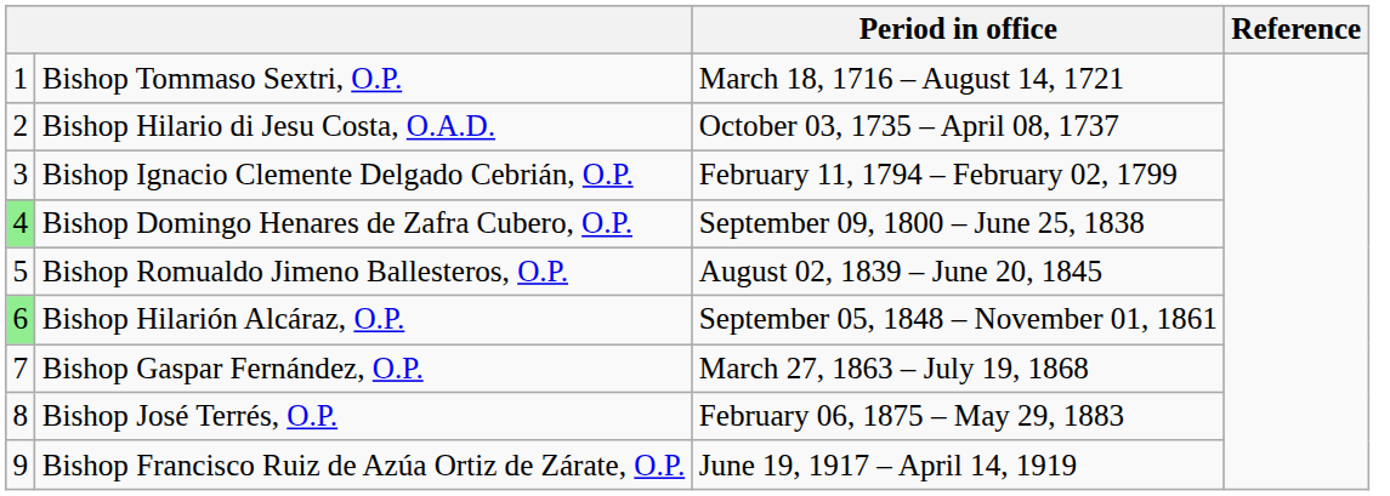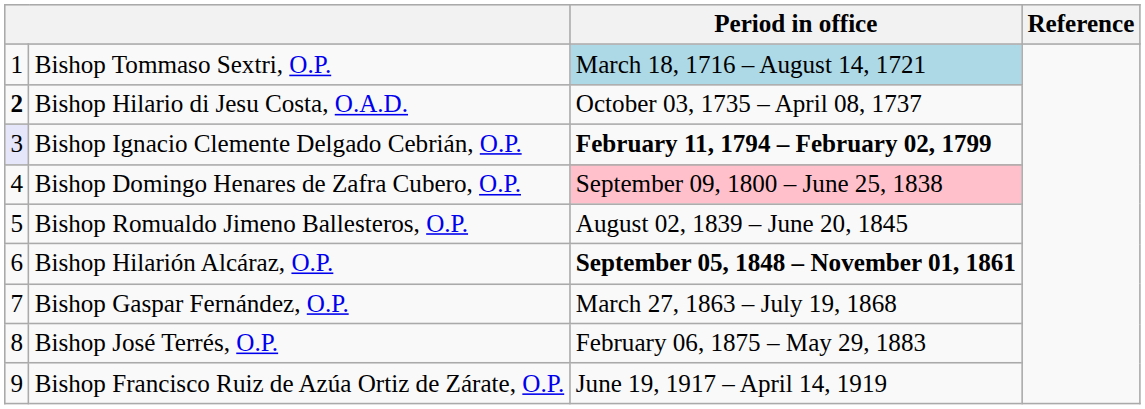 <table class="wikitable">
 <tr>
 <th colspan="2"></th>
 <th>Period in office</th>
 <th>Reference</th>
 </tr>
 <tr>
 <td>1</td>
 <td>Bishop Tommaso Sextri, <a href='#'>O.P.</a></td>
-<td>March 18, 1716 – August 14, 1721</td>
+<td style="background: lightblue;">March 18, 1716 – August 14, 1721</td>
 <td rowspan=9></td>
 </tr>
 <tr>
-<td>2</td>
+<td><strong>2</strong></td>
 <td>Bishop Hilario di Jesu Costa, <a href='#'>O.A.D.</a></td>
 <td>October 03, 1735 – April 08, 1737</td>
 </tr>
 <tr>
-<td>3</td>
+<td style="background: lavender;">3</td>
 <td>Bishop Ignacio Clemente Delgado Cebrián, <a href='#'>O.P.</a></td>
-<td>February 11, 1794 – February 02, 1799</td>
+<td><strong>February 11, 1794 – February 02, 1799</strong></td>
 </tr>
 <tr>
-<td style="background: lightgreen;">4</td>
+<td>4</td>
 <td>Bishop Domingo Henares de Zafra Cubero, <a href='#'>O.P.</a></td>
-<td>September 09, 1800 – June 25, 1838</td>
+<td style="background: pink;">September 09, 1800 – June 25, 1838</td>
 </tr>
 <tr>
 <td>5</td>
 <td>Bishop Romualdo Jimeno Ballesteros, <a href='#'>O.P.</a></td>
 <td>August 02, 1839 – June 20, 1845</td>
 </tr>
 <tr>
-<td style="background: lightgreen;">6</td>
+<td>6</td>
 <td>Bishop Hilarión Alcáraz, <a href='#'>O.P.</a></td>
-<td>September 05, 1848 – November 01, 1861</td>
+<td><strong>September 05, 1848 – November 01, 1861</strong></td>
 </tr>
 <tr>
 <td>7</td>
 <td>Bishop Gaspar Fernández, <a href='#'>O.P.</a></td>
 <td>March 27, 1863 – July 19, 1868</td>
 </tr>
 <tr>
 <td>8</td>
 <td>Bishop José Terrés, <a href='#'>O.P.</a></td>
 <td>February 06, 1875 – May 29, 1883</td>
 </tr>
 <tr>
 <td>9</td>
 <td>Bishop Francisco Ruiz de Azúa Ortiz de Zárate, <a href='#'>O.P.</a></td>
 <td>June 19, 1917 – April 14, 1919</td>
 </tr>
 </table>
